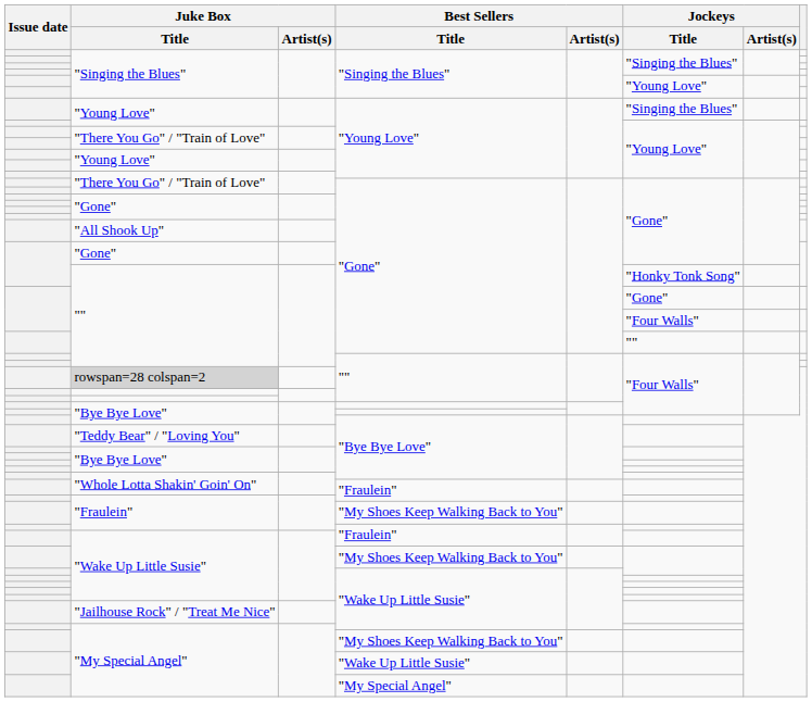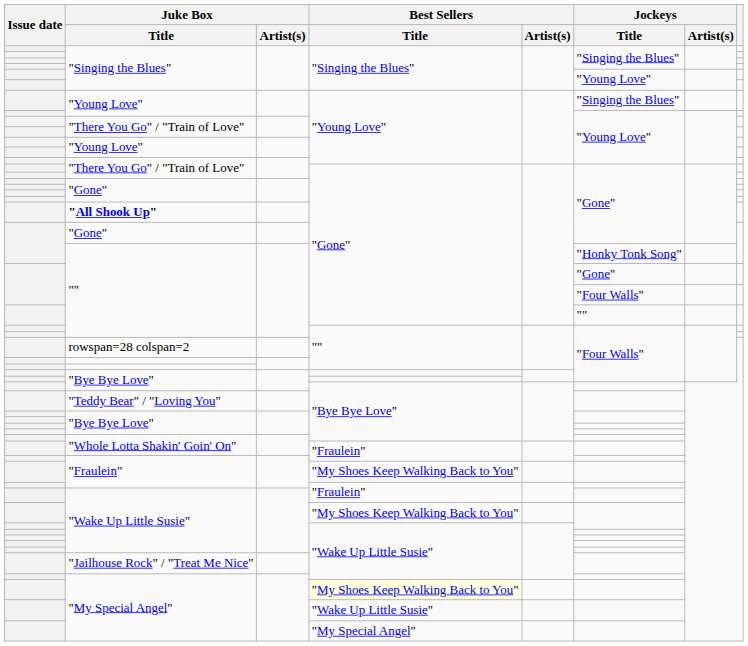 <table class="wikitable sortable plainrowheaders">
 <tr>
 <th scope=col rowspan=2>Issue date</th>
 <th scope=col colspan=2>Juke Box</th>
 <th scope=col colspan=2>Best Sellers</th>
 <th scope=col colspan=2>Jockeys</th>
 <th scope=col rowspan=2 class=unsortable></th>
 </tr>
 <tr>
 <th scope=col>Title</th>
 <th scope=col>Artist(s)</th>
 <th scope=col>Title</th>
 <th scope=col>Artist(s)</th>
 <th scope=col>Title</th>
 <th scope=col>Artist(s)</th>
 </tr>
 <tr>
 <th scope=row></th>
 <td rowspan="6">"<a href='#'>Singing the Blues</a>"</td>
 <td rowspan="6"></td>
 <td rowspan="6">"<a href='#'>Singing the Blues</a>"</td>
 <td rowspan="6"></td>
 <td rowspan=4>"<a href='#'>Singing the Blues</a>"</td>
 <td rowspan=4></td>
 <td align=center></td>
 </tr>
 <tr>
 <th scope=row></th>
 <td align=center></td>
 </tr>
 <tr>
 <th scope=row></th>
 <td align=center></td>
 </tr>
 <tr>
 <th scope=row></th>
 <td align=center></td>
 </tr>
 <tr>
 <th scope=row></th>
 <td rowspan=2>"<a href='#'>Young Love</a>"</td>
 <td rowspan=2></td>
 <td align=center></td>
 </tr>
 <tr>
 <th scope=row></th>
 <td align=center></td>
 </tr>
 <tr>
 <th scope=row></th>
 <td rowspan=2>"<a href='#'>Young Love</a>"</td>
 <td rowspan=2></td>
 <td rowspan="7">"<a href='#'>Young Love</a>"</td>
 <td rowspan="7"></td>
 <td>"<a href='#'>Singing the Blues</a>"</td>
 <td></td>
 <td align=center></td>
 </tr>
 <tr>
 <th scope=row></th>
 <td rowspan=6>"<a href='#'>Young Love</a>"</td>
 <td rowspan=6></td>
 <td align=center></td>
 </tr>
 <tr>
 <th scope=row></th>
 <td rowspan=2>"<a href='#'>There You Go</a>" / "Train of Love"</td>
 <td rowspan=2></td>
 <td align=center></td>
 </tr>
 <tr>
 <th scope=row></th>
 <td align=center></td>
 </tr>
 <tr>
 <th scope=row></th>
 <td rowspan=2>"<a href='#'>Young Love</a>"</td>
 <td rowspan=2></td>
 <td align=center></td>
 </tr>
 <tr>
 <th scope=row></th>
 <td align=center></td>
 </tr>
 <tr>
 <th scope=row></th>
 <td rowspan=3>"<a href='#'>There You Go</a>" / "Train of Love"</td>
 <td rowspan=3></td>
 <td align=center></td>
 </tr>
 <tr>
 <th scope=row></th>
 <td rowspan="12">"<a href='#'>Gone</a>"</td>
 <td rowspan="12"></td>
 <td rowspan=8>"<a href='#'>Gone</a>"</td>
 <td rowspan=8></td>
 <td align=center></td>
 </tr>
 <tr>
 <th scope=row></th>
 <td align=center></td>
 </tr>
 <tr>
 <th scope=row></th>
 <td rowspan=4>"<a href='#'>Gone</a>"</td>
 <td rowspan=4></td>
 <td align=center></td>
 </tr>
 <tr>
 <th scope=row></th>
 <td align=center></td>
 </tr>
 <tr>
 <th scope=row></th>
 <td align=center></td>
 </tr>
 <tr>
 <th scope=row></th>
 <td align=center></td>
 </tr>
 <tr>
 <th scope=row></th>
-<td>"<a href='#'>All Shook Up</a>"</td>
+<td><strong>"<a href='#'>All Shook Up</a>"</strong></td>
 <td></td>
 <td align=center></td>
 </tr>
 <tr>
 <th scope=row rowspan=2></th>
 <td>"<a href='#'>Gone</a>"</td>
 <td></td>
 <td rowspan=2 align=center></td>
 </tr>
 <tr>
 <td rowspan=6>""</td>
 <td rowspan=6></td>
 <td>"<a href='#'>Honky Tonk Song</a>"</td>
 <td></td>
 </tr>
 <tr>
 <th scope=row rowspan=2></th>
 <td>"<a href='#'>Gone</a>"</td>
 <td></td>
 <td align=center></td>
 </tr>
 <tr>
 <td>"<a href='#'>Four Walls</a>"</td>
 <td></td>
 <td align=center></td>
 </tr>
 <tr>
 <th scope=row></th>
 <td>""</td>
 <td></td>
 <td align=center></td>
 </tr>
 <tr>
 <th scope=row></th>
 <td rowspan="5">""</td>
 <td rowspan="5"></td>
 <td rowspan=7>"<a href='#'>Four Walls</a>"</td>
 <td rowspan=7></td>
 <td align=center></td>
 </tr>
 <tr>
 <th scope=row></th>
 <td align=center></td>
 </tr>
 <tr>
 <th scope=row></th>
-<td style="background: lightgrey;">rowspan=28 colspan=2 </td>
+<td>rowspan=28 colspan=2 </td>
 <td align=center></td>
 </tr>
 <tr>
 <th scope=row></th>
 <td align=center></td>
 </tr>
 <tr>
 <th scope=row></th>
 <td align=center></td>
 </tr>
 <tr>
 <th scope=row></th>
 <td rowspan="3">"<a href='#'>Bye Bye Love</a>"</td>
 <td rowspan="3"></td>
 <td align=center></td>
 </tr>
 <tr>
 <th scope=row></th>
 <td align=center></td>
 </tr>
 <tr>
 <th scope=row></th>
 <td rowspan=7>"<a href='#'>Bye Bye Love</a>"</td>
 <td rowspan=7></td>
 <td align=center></td>
 </tr>
 <tr>
 <th scope=row></th>
 <td rowspan="1">"<a href='#'>Teddy Bear</a>" / "<a href='#'>Loving You</a>"</td>
 <td rowspan="1"></td>
 <td align=center></td>
 </tr>
 <tr>
 <th scope=row></th>
 <td rowspan="4">"<a href='#'>Bye Bye Love</a>"</td>
 <td rowspan="4"></td>
 <td align=center rowspan=2></td>
 </tr>
 <tr>
 <th scope=row></th>
 </tr>
 <tr>
 <th scope=row></th>
 <td align=center></td>
 </tr>
 <tr>
 <th scope=row></th>
 <td align=center></td>
 </tr>
 <tr>
 <th scope=row></th>
 <td rowspan="2">"<a href='#'>Whole Lotta Shakin' Goin' On</a>"</td>
 <td rowspan="2"></td>
 <td align=center></td>
 </tr>
 <tr>
 <th scope=row></th>
 <td rowspan=2>"<a href='#'>Fraulein</a>"</td>
 <td rowspan=2></td>
 <td align=center></td>
 </tr>
 <tr>
 <th scope=row></th>
 <td rowspan="3">"<a href='#'>Fraulein</a>"</td>
 <td rowspan="3"></td>
 <td align=center></td>
 </tr>
 <tr>
 <th scope=row></th>
 <td>"<a href='#'>My Shoes Keep Walking Back to You</a>"</td>
 <td></td>
 <td align=center></td>
 </tr>
 <tr>
 <th scope=row></th>
 <td rowspan=2>"<a href='#'>Fraulein</a>"</td>
 <td rowspan=2></td>
 <td align=center></td>
 </tr>
 <tr>
 <th scope=row></th>
 <td rowspan="7">"<a href='#'>Wake Up Little Susie</a>"</td>
 <td rowspan="7"></td>
 <td align=center></td>
 </tr>
 <tr>
 <th scope=row></th>
 <td>"<a href='#'>My Shoes Keep Walking Back to You</a>"</td>
 <td></td>
 <td align=center rowspan=2></td>
 </tr>
 <tr>
 <th scope=row></th>
 <td rowspan="7">"<a href='#'>Wake Up Little Susie</a>"</td>
 <td rowspan="7"></td>
 </tr>
 <tr>
 <th scope=row></th>
 <td align=center></td>
 </tr>
 <tr>
 <th scope=row></th>
 <td align=center></td>
 </tr>
 <tr>
 <th scope=row></th>
 <td align=center></td>
 </tr>
 <tr>
 <th scope=row></th>
 <td align=center></td>
 </tr>
 <tr>
 <th scope=row></th>
 <td rowspan="1">"<a href='#'>Jailhouse Rock</a>" / "<a href='#'>Treat Me Nice</a>"</td>
 <td rowspan="1"></td>
 <td align=center></td>
 </tr>
 <tr>
 <th scope=row></th>
 <td rowspan="4">"<a href='#'>My Special Angel</a>"</td>
 <td rowspan="4"></td>
 <td align=center></td>
 </tr>
 <tr>
 <th scope=row></th>
-<td>"<a href='#'>My Shoes Keep Walking Back to You</a>"</td>
+<td style="background: lightyellow;">"<a href='#'>My Shoes Keep Walking Back to You</a>"</td>
 <td></td>
 <td align=center></td>
 </tr>
 <tr>
 <th scope=row></th>
 <td>"<a href='#'>Wake Up Little Susie</a>"</td>
 <td rowspan="1"></td>
 <td align=center></td>
 </tr>
 <tr>
 <th scope=row></th>
 <td>"<a href='#'>My Special Angel</a>"</td>
 <td></td>
 <td align=center></td>
 </tr>
 </table>
